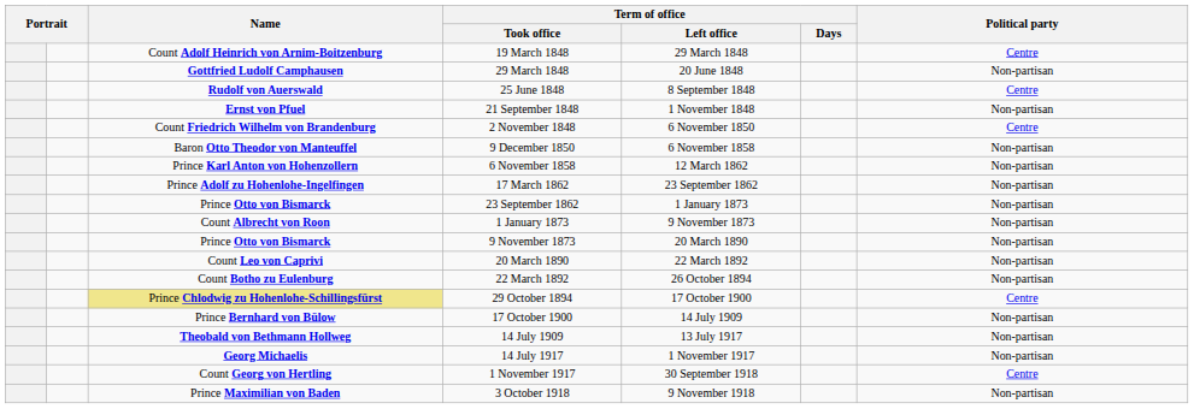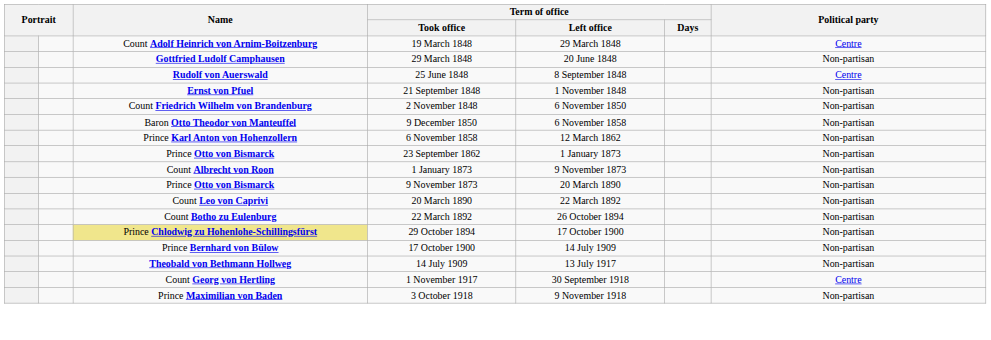 <table class="wikitable" style="text-align:center; width:100%; border:1px #AAAAFF solid">
 <tr>
 <th width=80px rowspan=2 colspan=2>Portrait</th>
 <th width=30% rowspan=2>Name<br></th>
 <th width=35% colspan=3>Term of office</th>
 <th width=28% rowspan=2>Political party</th>
 </tr>
 <tr>
 <th>Took office</th>
 <th>Left office</th>
 <th>Days</th>
 </tr>
 <tr>
 <th style="background:"></th>
 <td></td>
 <td>Count <strong><a href='#'>Adolf Heinrich von Arnim-Boitzenburg</a></strong><br></td>
 <td>19 March 1848</td>
 <td>29 March 1848</td>
 <td></td>
 <td><a href='#'>Centre</a></td>
 </tr>
 <tr>
 <th style="background:"></th>
 <td></td>
 <td><strong><a href='#'>Gottfried Ludolf Camphausen</a></strong><br></td>
 <td>29 March 1848</td>
 <td>20 June 1848</td>
 <td></td>
 <td>Non-partisan</td>
 </tr>
 <tr>
 <th style="background:"></th>
 <td></td>
 <td><strong><a href='#'>Rudolf von Auerswald</a></strong><br></td>
 <td>25 June 1848</td>
 <td>8 September 1848</td>
 <td></td>
 <td><a href='#'>Centre</a></td>
 </tr>
 <tr>
 <th style="background:"></th>
 <td></td>
 <td><strong><a href='#'>Ernst von Pfuel</a></strong><br></td>
 <td>21 September 1848</td>
 <td>1 November 1848</td>
 <td></td>
 <td>Non-partisan</td>
 </tr>
 <tr>
 <th style="background:"></th>
 <td></td>
 <td>Count <strong><a href='#'>Friedrich Wilhelm von Brandenburg</a></strong><br></td>
 <td>2 November 1848</td>
 <td>6 November 1850</td>
 <td></td>
-<td><a href='#'>Centre</a></td>
+<td>Non-partisan</td>
 </tr>
 <tr>
 <th style="background:"></th>
 <td></td>
 <td>Baron <strong><a href='#'>Otto Theodor von Manteuffel</a></strong><br></td>
 <td>9 December 1850</td>
 <td>6 November 1858</td>
 <td></td>
 <td>Non-partisan</td>
 </tr>
 <tr>
 <th style="background:"></th>
 <td></td>
 <td>Prince <strong><a href='#'>Karl Anton von Hohenzollern</a></strong><br></td>
 <td>6 November 1858</td>
 <td>12 March 1862</td>
-<td></td>
-<td>Non-partisan</td>
-</tr>
-<tr>
-<th style="background:"></th>
-<td></td>
-<td>Prince <strong><a href='#'>Adolf zu Hohenlohe-Ingelfingen</a></strong><br></td>
-<td>17 March 1862</td>
-<td>23 September 1862</td>
 <td></td>
 <td>Non-partisan</td>
 </tr>
 <tr>
 <th style="background:"></th>
 <td></td>
 <td>Prince <strong><a href='#'>Otto von Bismarck</a></strong><br></td>
 <td>23 September 1862</td>
 <td>1 January 1873</td>
 <td></td>
 <td>Non-partisan</td>
 </tr>
 <tr>
 <th style="background:"></th>
 <td></td>
 <td>Count <strong><a href='#'>Albrecht von Roon</a></strong><br></td>
 <td>1 January 1873</td>
 <td>9 November 1873</td>
 <td></td>
 <td>Non-partisan</td>
 </tr>
 <tr>
 <th style="background:"></th>
 <td></td>
 <td>Prince <strong><a href='#'>Otto von Bismarck</a></strong><br></td>
 <td>9 November 1873</td>
 <td>20 March 1890</td>
 <td></td>
 <td>Non-partisan</td>
 </tr>
 <tr>
 <th style="background:"></th>
 <td></td>
 <td>Count <strong><a href='#'>Leo von Caprivi</a></strong><br></td>
 <td>20 March 1890</td>
 <td>22 March 1892</td>
 <td></td>
 <td>Non-partisan</td>
 </tr>
 <tr>
 <th style="background:"></th>
 <td></td>
 <td>Count <strong><a href='#'>Botho zu Eulenburg</a></strong><br></td>
 <td>22 March 1892</td>
 <td>26 October 1894</td>
 <td></td>
 <td>Non-partisan</td>
 </tr>
 <tr>
 <th style="background:"></th>
 <td></td>
 <td style="background: khaki;">Prince <strong><a href='#'>Chlodwig zu Hohenlohe-Schillingsfürst</a></strong><br></td>
 <td>29 October 1894</td>
 <td>17 October 1900</td>
 <td></td>
-<td><a href='#'>Centre</a></td>
+<td>Non-partisan</td>
 </tr>
 <tr>
 <th style="background:"></th>
 <td></td>
 <td>Prince <strong><a href='#'>Bernhard von Bülow</a></strong><br></td>
 <td>17 October 1900</td>
 <td>14 July 1909</td>
 <td></td>
 <td>Non-partisan</td>
 </tr>
 <tr>
 <th style="background:"></th>
 <td></td>
 <td><strong><a href='#'>Theobald von Bethmann Hollweg</a></strong><br></td>
 <td>14 July 1909</td>
 <td>13 July 1917</td>
 <td></td>
 <td>Non-partisan</td>
 </tr>
 <tr>
 <th style="background:"></th>
 <td></td>
-<td><strong><a href='#'>Georg Michaelis</a></strong><br></td>
-<td>14 July 1917</td>
-<td>1 November 1917</td>
-<td></td>
-<td>Non-partisan</td>
-</tr>
-<tr>
-<th style="background:"></th>
-<td></td>
 <td>Count <strong><a href='#'>Georg von Hertling</a></strong><br></td>
 <td>1 November 1917</td>
 <td>30 September 1918</td>
 <td></td>
 <td><a href='#'>Centre</a></td>
 </tr>
 <tr>
 <th style="background:"></th>
 <td></td>
 <td>Prince <strong><a href='#'>Maximilian von Baden</a></strong><br></td>
 <td>3 October 1918</td>
 <td>9 November 1918</td>
 <td></td>
 <td>Non-partisan</td>
 </tr>
 </table>
